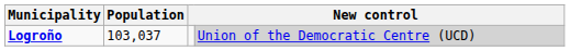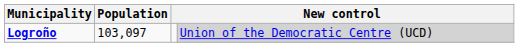 <table class="wikitable sortable">
 <tr>
 <th>Municipality</th>
 <th>Population</th>
 <th colspan="2" style="width:375px;">New control</th>
 </tr>
 <tr>
 <td><strong><a href='#'>Logroño</a></strong></td>
-<td>103,037</td>
+<td>103,097</td>
 <td width="1" style="color:inherit;background:"></td>
 <td style="background: lightgrey;"><a href='#'>Union of the Democratic Centre</a> (UCD)</td>
 </tr>
 </table>
